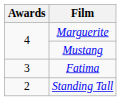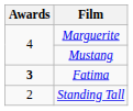 <table class="wikitable" style="text-align: center">
 <tr>
 <th scope="col" width="55">Awards</th>
 <th scope="col" align="center">Film</th>
 </tr>
 <tr>
 <td rowspan=2 style="text-align:center">4</td>
 <td><em><a href='#'>Marguerite</a></em></td>
 </tr>
 <tr>
 <td><em><a href='#'>Mustang</a></em></td>
 </tr>
 <tr>
-<td style="text-align:center">3</td>
+<td style="text-align:center"><strong>3</strong></td>
 <td><em><a href='#'>Fatima</a></em></td>
 </tr>
 <tr>
 <td style="text-align:center">2</td>
 <td><em><a href='#'>Standing Tall</a></em></td>
 </tr>
 </table>
